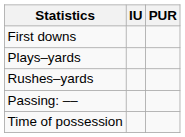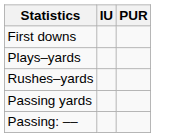 <table class="wikitable" style="float:left">
 <tr>
 <th>Statistics</th>
 <th>IU</th>
 <th>PUR</th>
 </tr>
 <tr>
 <td>First downs</td>
 <td></td>
 <td></td>
 </tr>
 <tr>
 <td>Plays–yards</td>
 <td></td>
 <td></td>
 </tr>
 <tr>
 <td>Rushes–yards</td>
 <td></td>
 <td></td>
 </tr>
 <tr>
+<td>Passing yards</td>
+<td></td>
+<td></td>
+</tr>
+<tr>
 <td>Passing: ––</td>
 <td></td>
 <td></td>
 </tr>
-<tr>
-<td>Time of possession</td>
-<td></td>
-<td></td>
-</tr>
 </table>
